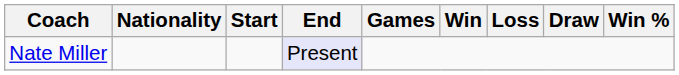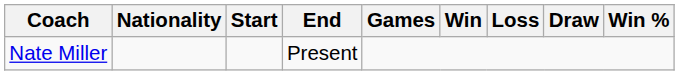 <table class="wikitable" style="text-align:center; margin-left: lem;">
 <tr>
 <th>Coach</th>
 <th>Nationality</th>
 <th>Start</th>
 <th>End</th>
 <th>Games</th>
 <th><strong>Win</strong></th>
 <th>Loss</th>
 <th>Draw</th>
 <th>Win %</th>
 </tr>
 <tr>
 <td><a href='#'>Nate Miller</a></td>
 <td></td>
 <td></td>
-<td style="background: lavender;">Present<br></td>
+<td>Present<br></td>
 </tr>
 </table>
